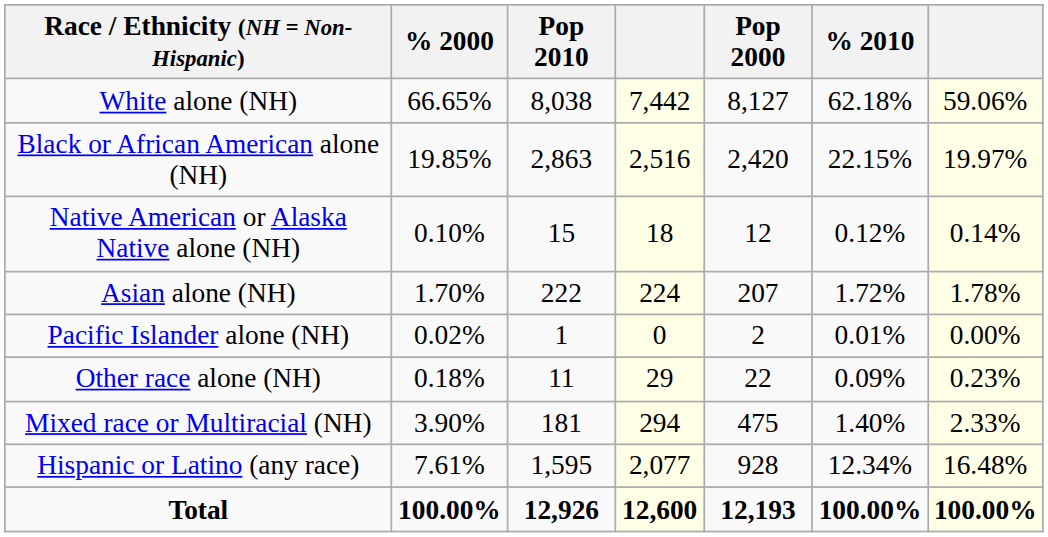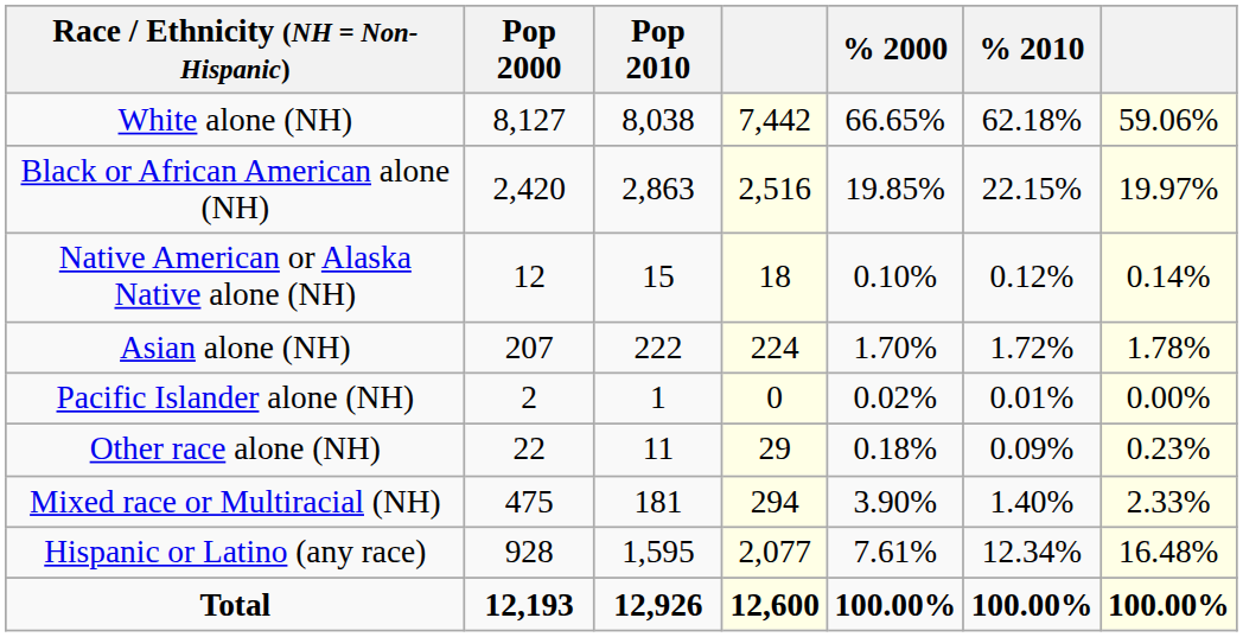 <table class="wikitable" style="text-align:center;">
 <tr>
 <th>Race / Ethnicity <small>(<em>NH = Non-Hispanic</em>)</small></th>
-<th>% 2000</th>
+<th>Pop 2000</th>
 <th>Pop 2010</th>
 <th></th>
-<th>Pop 2000</th>
+<th>% 2000</th>
 <th>% 2010</th>
 <th></th>
 </tr>
 <tr>
 <td><a href='#'>White</a> alone (NH)</td>
-<td>66.65%</td>
+<td>8,127</td>
 <td>8,038</td>
 <td style='background: #ffffe6;'>7,442</td>
-<td>8,127</td>
+<td>66.65%</td>
 <td>62.18%</td>
 <td style='background: #ffffe6;'>59.06%</td>
 </tr>
 <tr>
 <td><a href='#'>Black or African American</a> alone (NH)</td>
-<td>19.85%</td>
+<td>2,420</td>
 <td>2,863</td>
 <td style='background: #ffffe6;'>2,516</td>
-<td>2,420</td>
+<td>19.85%</td>
 <td>22.15%</td>
 <td style='background: #ffffe6;'>19.97%</td>
 </tr>
 <tr>
 <td><a href='#'>Native American</a> or <a href='#'>Alaska Native</a> alone (NH)</td>
-<td>0.10%</td>
+<td>12</td>
 <td>15</td>
 <td style='background: #ffffe6;'>18</td>
-<td>12</td>
+<td>0.10%</td>
 <td>0.12%</td>
 <td style='background: #ffffe6;'>0.14%</td>
 </tr>
 <tr>
 <td><a href='#'>Asian</a> alone (NH)</td>
-<td>1.70%</td>
+<td>207</td>
 <td>222</td>
 <td style='background: #ffffe6;'>224</td>
-<td>207</td>
+<td>1.70%</td>
 <td>1.72%</td>
 <td style='background: #ffffe6;'>1.78%</td>
 </tr>
 <tr>
 <td><a href='#'>Pacific Islander</a> alone (NH)</td>
-<td>0.02%</td>
+<td>2</td>
 <td>1</td>
 <td style='background: #ffffe6;'>0</td>
-<td>2</td>
+<td>0.02%</td>
 <td>0.01%</td>
 <td style='background: #ffffe6;'>0.00%</td>
 </tr>
 <tr>
 <td><a href='#'>Other race</a> alone (NH)</td>
-<td>0.18%</td>
+<td>22</td>
 <td>11</td>
 <td style='background: #ffffe6;'>29</td>
-<td>22</td>
+<td>0.18%</td>
 <td>0.09%</td>
 <td style='background: #ffffe6;'>0.23%</td>
 </tr>
 <tr>
 <td><a href='#'>Mixed race or Multiracial</a> (NH)</td>
-<td>3.90%</td>
+<td>475</td>
 <td>181</td>
 <td style='background: #ffffe6;'>294</td>
-<td>475</td>
+<td>3.90%</td>
 <td>1.40%</td>
 <td style='background: #ffffe6;'>2.33%</td>
 </tr>
 <tr>
 <td><a href='#'>Hispanic or Latino</a> (any race)</td>
-<td>7.61%</td>
+<td>928</td>
 <td>1,595</td>
 <td style='background: #ffffe6;'>2,077</td>
-<td>928</td>
+<td>7.61%</td>
 <td>12.34%</td>
 <td style='background: #ffffe6;'>16.48%</td>
 </tr>
 <tr>
 <td><strong>Total</strong></td>
-<td><strong>100.00%</strong></td>
+<td><strong>12,193</strong></td>
 <td><strong>12,926</strong></td>
 <td style='background: #ffffe6;'><strong>12,600</strong></td>
-<td><strong>12,193</strong></td>
+<td><strong>100.00%</strong></td>
 <td><strong>100.00%</strong></td>
 <td style='background: #ffffe6;'><strong>100.00%</strong></td>
 </tr>
 </table>
